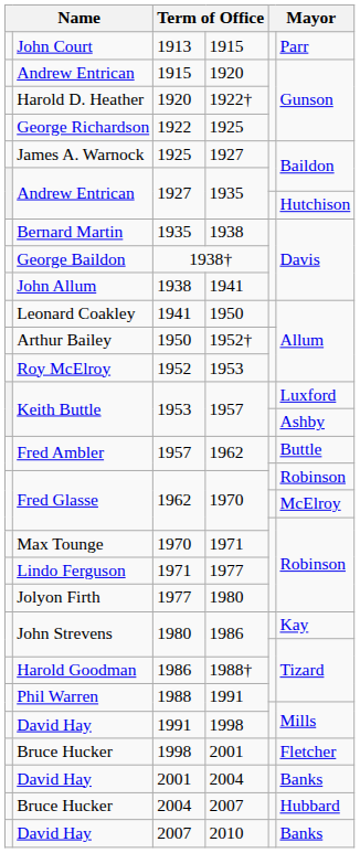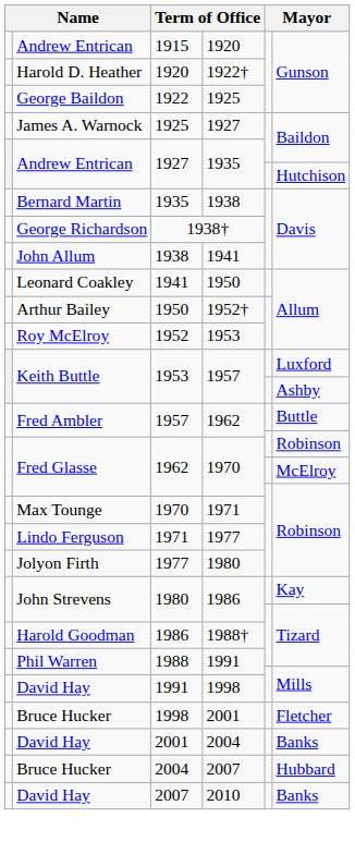 <table class="wikitable">
 <tr>
 <th colspan=2>Name</th>
 <th colspan=2>Term of Office</th>
 <th colspan=2>Mayor</th>
-</tr>
-<tr>
-<td style="background:"></td>
-<td><a href='#'>John Court</a></td>
-<td>1913</td>
-<td>1915</td>
-<td style="background:"></td>
-<td><a href='#'>Parr</a></td>
 </tr>
 <tr>
 <td style="background:"></td>
 <td><a href='#'>Andrew Entrican</a></td>
 <td>1915</td>
 <td>1920</td>
 <td rowspan=3 style="background:"></td>
 <td rowspan=3><a href='#'>Gunson</a></td>
 </tr>
 <tr>
 <td style="background:"></td>
 <td>Harold D. Heather</td>
 <td>1920</td>
 <td>1922†</td>
 </tr>
 <tr>
 <td style="background:"></td>
-<td><a href='#'>George Richardson</a></td>
+<td><a href='#'>George Baildon</a></td>
 <td>1922</td>
 <td>1925</td>
 </tr>
 <tr>
 <td style="background:"></td>
 <td>James A. Warnock</td>
 <td>1925</td>
 <td>1927</td>
 <td style="border-bottom:solid 0 grey; background:"></td>
 <td rowspan=2><a href='#'>Baildon</a></td>
 </tr>
 <tr>
 <th rowspan="2" style="background:"></th>
 <td rowspan="2"><a href='#'>Andrew Entrican</a></td>
 <td rowspan="2">1927</td>
 <td rowspan="2">1935</td>
 <td height=15 style="border-top:solid 0 grey; background:"></td>
 </tr>
 <tr>
 <td style="background:"></td>
 <td><a href='#'>Hutchison</a></td>
 </tr>
 <tr>
 <td style="background:"></td>
 <td><a href='#'>Bernard Martin</a></td>
 <td>1935</td>
 <td>1938</td>
 <td rowspan=3 style="background:"></td>
 <td rowspan=3><a href='#'>Davis</a></td>
 </tr>
 <tr>
 <td style="background:"></td>
-<td><a href='#'>George Baildon</a></td>
+<td><a href='#'>George Richardson</a></td>
 <td colspan=2 style="text-align:center;">1938†</td>
 </tr>
 <tr>
 <td style="background:"></td>
 <td><a href='#'>John Allum</a></td>
 <td>1938</td>
 <td>1941</td>
 </tr>
 <tr>
 <td style="background:"></td>
 <td>Leonard Coakley</td>
 <td>1941</td>
 <td>1950</td>
 <td style="background:"></td>
 <td rowspan=3><a href='#'>Allum</a></td>
 </tr>
 <tr>
 <td style="background:"></td>
 <td>Arthur Bailey</td>
 <td>1950</td>
 <td>1952†</td>
 <td rowspan=2 style="background:"></td>
 </tr>
 <tr>
 <td style="background:"></td>
 <td><a href='#'>Roy McElroy</a></td>
 <td>1952</td>
 <td>1953</td>
 </tr>
 <tr>
 <th rowspan=2 style="background:"></th>
 <td rowspan=2><a href='#'>Keith Buttle</a></td>
 <td rowspan=2>1953</td>
 <td rowspan=2>1957</td>
 <td style="background:"></td>
 <td><a href='#'>Luxford</a></td>
 </tr>
 <tr>
 <td style="background:"></td>
 <td><a href='#'>Ashby</a></td>
 </tr>
 <tr>
 <td style="border-bottom:solid 0 grey; background:"></td>
 <td rowspan="2"><a href='#'>Fred Ambler</a></td>
 <td rowspan="2">1957</td>
 <td rowspan="2">1962</td>
 <td style="background:"></td>
 <td><a href='#'>Buttle</a></td>
 </tr>
 <tr>
 <td style="border-top:solid 0 grey; background:"></td>
 <td rowspan="2" style="background:"></td>
 <td rowspan="2"><a href='#'>Robinson</a></td>
 </tr>
 <tr>
 <td style="border-bottom:solid 0 grey; background:"></td>
 <td rowspan="3"><a href='#'>Fred Glasse</a></td>
 <td rowspan="3">1962</td>
 <td rowspan="3">1970</td>
 </tr>
 <tr>
 <td height=15 style="border-top:solid 0 grey; border-bottom:solid 0 grey; background:"></td>
 <td style="background:"></td>
 <td><a href='#'>McElroy</a></td>
 </tr>
 <tr>
 <td height=5 style="border-top:solid 0 grey; border-bottom:solid 0 grey; background:"></td>
 <td rowspan="4" style="background:"></td>
 <td rowspan="4"><a href='#'>Robinson</a></td>
 </tr>
 <tr>
 <td height=15 style="background:"></td>
 <td>Max Tounge</td>
 <td>1970</td>
 <td>1971</td>
 </tr>
 <tr>
 <td style="background:"></td>
 <td><a href='#'>Lindo Ferguson</a></td>
 <td>1971</td>
 <td>1977</td>
 </tr>
 <tr>
 <td style="background:"></td>
 <td>Jolyon Firth</td>
 <td>1977</td>
 <td>1980</td>
 </tr>
 <tr>
 <td style="border-bottom:solid 0 grey; background:"></td>
 <td rowspan="2">John Strevens</td>
 <td rowspan="2">1980</td>
 <td rowspan="2">1986</td>
 <td style="background:"></td>
 <td><a href='#'>Kay</a></td>
 </tr>
 <tr>
 <td height=10 style="border-top:solid 0 grey; background:"></td>
 <td rowspan="3" style="background:"></td>
 <td rowspan="3"><a href='#'>Tizard</a></td>
 </tr>
 <tr>
 <td style="background:"></td>
 <td><a href='#'>Harold Goodman</a></td>
 <td>1986</td>
 <td>1988†</td>
 </tr>
 <tr>
 <td height=10 style="border-bottom:solid 0 grey; background:"></td>
 <td rowspan="2"><a href='#'>Phil Warren</a></td>
 <td rowspan="2">1988</td>
 <td rowspan="2">1991</td>
 </tr>
 <tr>
 <td style="border-top:solid 0 grey; background:"></td>
 <td rowspan="2" style="background:"></td>
 <td rowspan="2"><a href='#'>Mills</a></td>
 </tr>
 <tr>
 <td style="background:"></td>
 <td><a href='#'>David Hay</a></td>
 <td>1991</td>
 <td>1998</td>
 </tr>
 <tr>
 <td style="background:"></td>
 <td>Bruce Hucker</td>
 <td>1998</td>
 <td>2001</td>
 <td style="background:"></td>
 <td><a href='#'>Fletcher</a></td>
 </tr>
 <tr>
 <td style="background:"></td>
 <td><a href='#'>David Hay</a></td>
 <td>2001</td>
 <td>2004</td>
 <td style="background:"></td>
 <td><a href='#'>Banks</a></td>
 </tr>
 <tr>
 <td style="background:"></td>
 <td>Bruce Hucker</td>
 <td>2004</td>
 <td>2007</td>
 <td style="background:"></td>
 <td><a href='#'>Hubbard</a></td>
 </tr>
 <tr>
 <td style="background:"></td>
 <td><a href='#'>David Hay</a></td>
 <td>2007</td>
 <td>2010</td>
 <td style="background:"></td>
 <td><a href='#'>Banks</a></td>
 </tr>
 </table>
